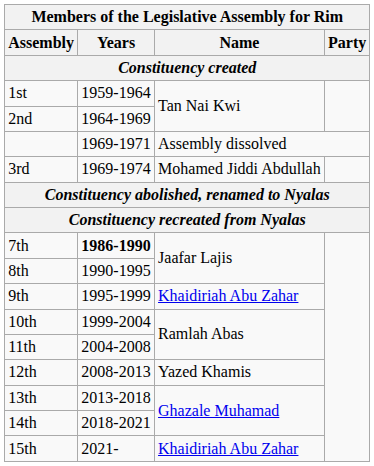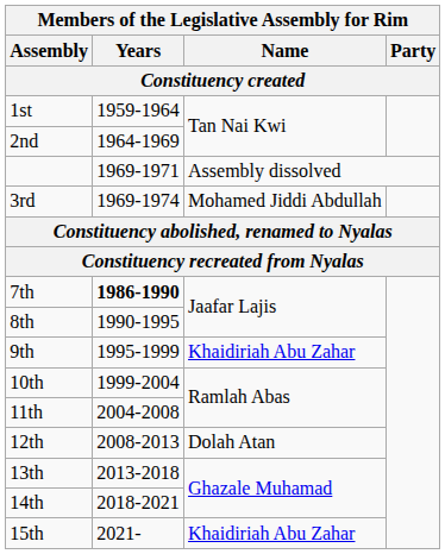 <table class="wikitable">
 <tr>
 <th colspan="4">Members of the Legislative Assembly for Rim</th>
 </tr>
 <tr>
 <th>Assembly</th>
 <th>Years</th>
 <th>Name</th>
 <th>Party</th>
 </tr>
 <tr>
 <th colspan="4"><em>Constituency created</em></th>
 </tr>
 <tr>
 <td>1st</td>
 <td>1959-1964</td>
 <td rowspan="2">Tan Nai Kwi</td>
 <td rowspan="2"></td>
 </tr>
 <tr>
 <td>2nd</td>
 <td>1964-1969</td>
 </tr>
 <tr>
 <td></td>
 <td>1969-1971</td>
 <td colspan="2">Assembly dissolved</td>
 </tr>
 <tr>
 <td>3rd</td>
 <td>1969-1974</td>
 <td>Mohamed Jiddi Abdullah</td>
 <td></td>
 </tr>
 <tr>
 <th colspan="4"><em>Constituency abolished, renamed to Nyalas</em></th>
 </tr>
 <tr>
 <th colspan="4"><em>Constituency recreated from Nyalas</em></th>
 </tr>
 <tr>
 <td>7th</td>
 <td><strong>1986-1990</strong></td>
 <td rowspan="2">Jaafar Lajis</td>
 <td rowspan="9"></td>
 </tr>
 <tr>
 <td>8th</td>
 <td>1990-1995</td>
 </tr>
 <tr>
 <td>9th</td>
 <td>1995-1999</td>
 <td><a href='#'>Khaidiriah Abu Zahar</a></td>
 </tr>
 <tr>
 <td>10th</td>
 <td>1999-2004</td>
 <td rowspan="2">Ramlah Abas</td>
 </tr>
 <tr>
 <td>11th</td>
 <td>2004-2008</td>
 </tr>
 <tr>
 <td>12th</td>
 <td>2008-2013</td>
-<td>Yazed Khamis</td>
+<td>Dolah Atan</td>
 </tr>
 <tr>
 <td>13th</td>
 <td>2013-2018</td>
 <td rowspan="2"><a href='#'>Ghazale Muhamad</a></td>
 </tr>
 <tr>
 <td>14th</td>
 <td>2018-2021</td>
 </tr>
 <tr>
 <td>15th</td>
 <td>2021-</td>
 <td><a href='#'>Khaidiriah Abu Zahar</a></td>
 </tr>
 </table>
